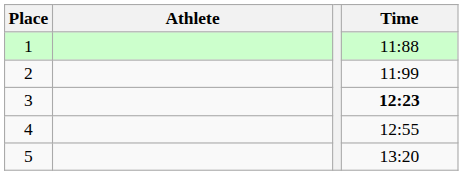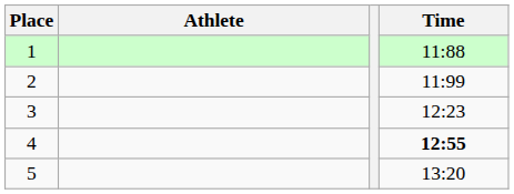 <table class="wikitable" style="text-align:center">
 <tr>
 <th>Place</th>
 <th width=250>Athlete</th>
 <th rowspan=27></th>
 <th width=100>Time</th>
 </tr>
 <tr style="background:#ccffcc;">
 <td>1</td>
 <td align=left></td>
 <td>11:88</td>
 </tr>
 <tr>
 <td>2</td>
 <td align=left></td>
 <td>11:99</td>
 </tr>
 <tr>
 <td>3</td>
 <td align=left></td>
-<td><strong>12:23</strong></td>
+<td>12:23</td>
 </tr>
 <tr>
 <td>4</td>
 <td align=left></td>
-<td>12:55</td>
+<td><strong>12:55</strong></td>
 </tr>
 <tr>
 <td>5</td>
 <td align=left></td>
 <td>13:20</td>
 </tr>
 </table>
